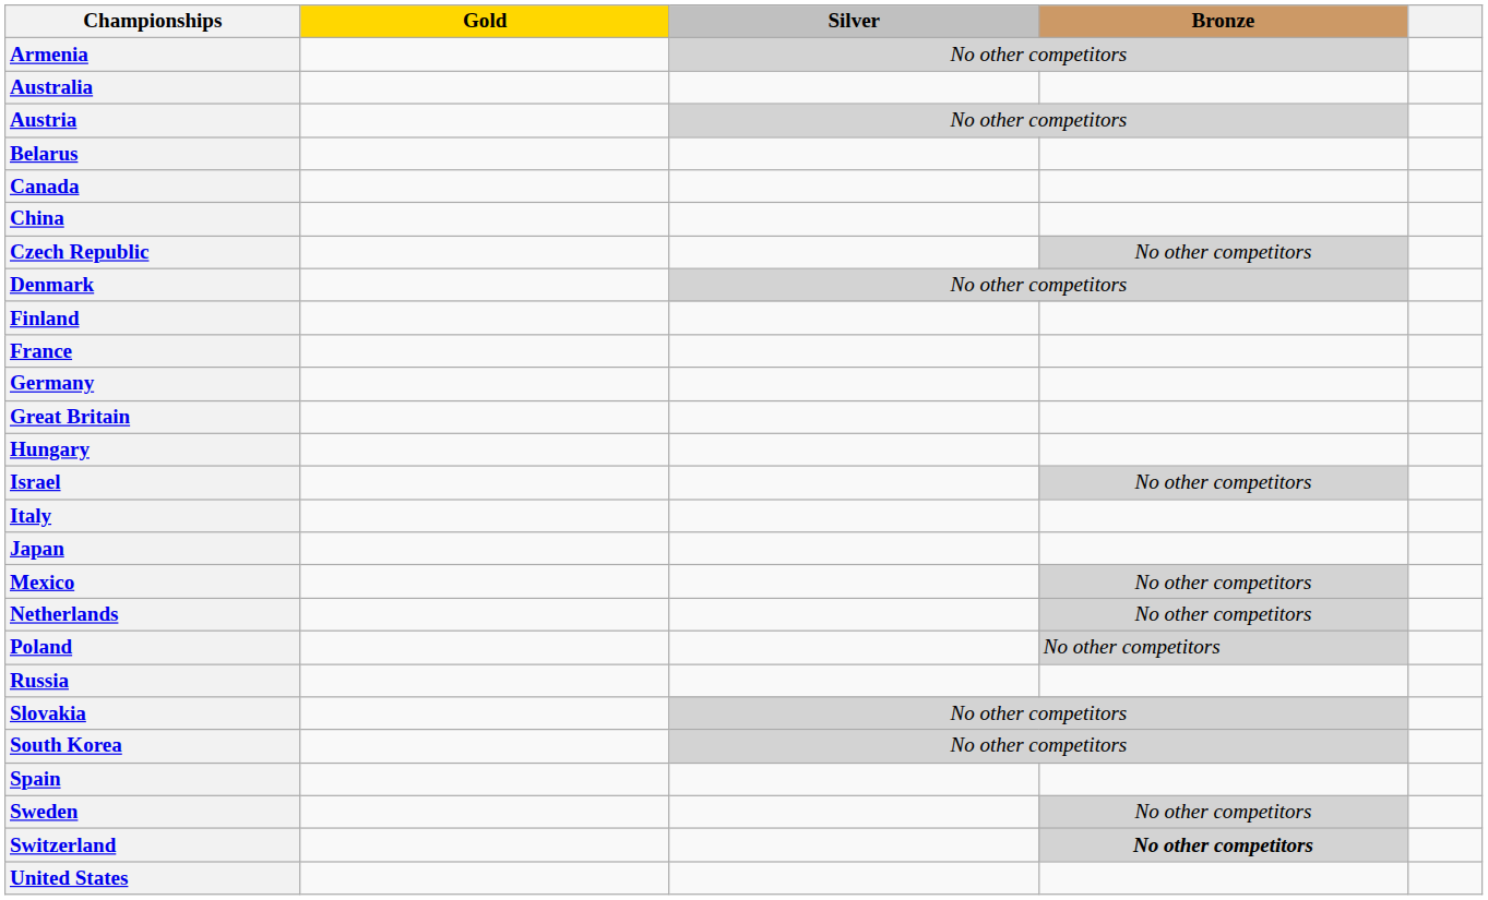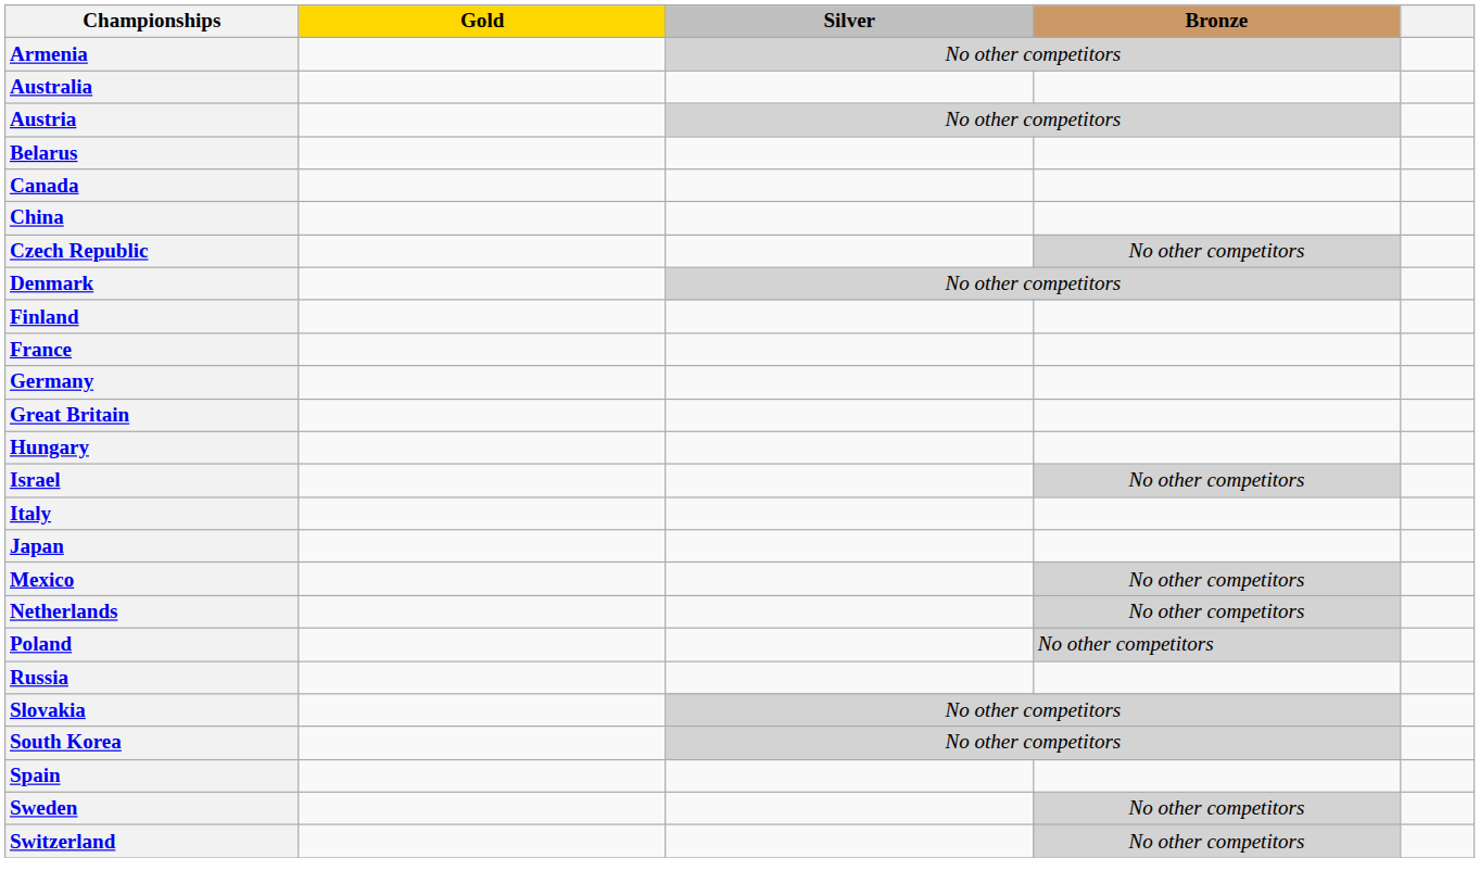 <table class="wikitable unsortable" style="text-align:left; width:90%;">
 <tr>
 <th scope="col" style="text-align:center; width:20%;">Championships</th>
 <td scope="col" style="text-align:center; width:25%; background:gold"><strong>Gold</strong></td>
 <td scope="col" style="text-align:center; width:25%; background:silver"><strong>Silver</strong></td>
 <td scope="col" style="text-align:center; width:25%; background:#c96"><strong>Bronze</strong></td>
 <th scope="col" style="text-align:center; width:5%;"></th>
 </tr>
 <tr>
 <th scope="row" style="text-align:left"> <a href='#'>Armenia</a></th>
 <td></td>
 <td colspan=2 align="center" bgcolor="lightgray"><em>No other competitors</em></td>
 <td></td>
 </tr>
 <tr>
 <th scope="row" style="text-align:left"> <a href='#'>Australia</a></th>
 <td></td>
 <td></td>
 <td></td>
 <td></td>
 </tr>
 <tr>
 <th scope="row" style="text-align:left"> <a href='#'>Austria</a></th>
 <td></td>
 <td colspan=2 align="center" bgcolor="lightgray"><em>No other competitors</em></td>
 <td></td>
 </tr>
 <tr>
 <th scope="row" style="text-align:left"> <a href='#'>Belarus</a></th>
 <td></td>
 <td></td>
 <td></td>
 <td></td>
 </tr>
 <tr>
 <th scope="row" style="text-align:left"> <a href='#'>Canada</a></th>
 <td></td>
 <td></td>
 <td></td>
 <td></td>
 </tr>
 <tr>
 <th scope="row" style="text-align:left"> <a href='#'>China</a></th>
 <td></td>
 <td></td>
 <td></td>
 <td></td>
 </tr>
 <tr>
 <th scope="row" style="text-align:left"> <a href='#'>Czech Republic</a></th>
 <td></td>
 <td></td>
 <td align="center" bgcolor="lightgray"><em>No other competitors</em></td>
 <td></td>
 </tr>
 <tr>
 <th scope="row" style="text-align:left"> <a href='#'>Denmark</a></th>
 <td></td>
 <td colspan=2 align="center" bgcolor="lightgray"><em>No other competitors</em></td>
 <td></td>
 </tr>
 <tr>
 <th scope="row" style="text-align:left"> <a href='#'>Finland</a></th>
 <td></td>
 <td></td>
 <td></td>
 <td></td>
 </tr>
 <tr>
 <th scope="row" style="text-align:left"> <a href='#'>France</a></th>
 <td></td>
 <td></td>
 <td></td>
 <td></td>
 </tr>
 <tr>
 <th scope="row" style="text-align:left"> <a href='#'>Germany</a></th>
 <td></td>
 <td></td>
 <td></td>
 </tr>
 <tr>
 <th scope="row" style="text-align:left"> <a href='#'>Great Britain</a></th>
 <td></td>
 <td></td>
 <td></td>
 <td></td>
 </tr>
 <tr>
 <th scope="row" style="text-align:left"> <a href='#'>Hungary</a></th>
 <td></td>
 <td></td>
 <td></td>
 <td></td>
 </tr>
 <tr>
 <th scope="row" style="text-align:left"> <a href='#'>Israel</a></th>
 <td></td>
 <td></td>
 <td align="center" bgcolor="lightgray"><em>No other competitors</em></td>
 <td></td>
 </tr>
 <tr>
 <th scope="row" style="text-align:left"> <a href='#'>Italy</a></th>
 <td></td>
 <td></td>
 <td></td>
 <td></td>
 </tr>
 <tr>
 <th scope="row" style="text-align:left"> <a href='#'>Japan</a></th>
 <td></td>
 <td></td>
 <td></td>
 <td></td>
 </tr>
 <tr>
 <th scope="row" style="text-align:left"> <a href='#'>Mexico</a></th>
 <td></td>
 <td></td>
 <td align="center" bgcolor="lightgray"><em>No other competitors</em></td>
 <td></td>
 </tr>
 <tr>
 <th scope="row" style="text-align:left"> <a href='#'>Netherlands</a></th>
 <td></td>
 <td></td>
 <td align="center" bgcolor="lightgray"><em>No other competitors</em></td>
 <td></td>
 </tr>
 <tr>
 <th scope="row" style="text-align:left"> <a href='#'>Poland</a></th>
 <td></td>
 <td></td>
 <td bgcolor="lightgray"><em>No other competitors</em></td>
 <td></td>
 </tr>
 <tr>
 <th scope="row" style="text-align:left"> <a href='#'>Russia</a></th>
 <td></td>
 <td></td>
 <td></td>
 <td></td>
 </tr>
 <tr>
 <th scope="row" style="text-align:left"> <a href='#'>Slovakia</a></th>
 <td></td>
 <td colspan=2 align="center" bgcolor="lightgray"><em>No other competitors</em></td>
 <td></td>
 </tr>
 <tr>
 <th scope="row" style="text-align:left"> <a href='#'>South Korea</a></th>
 <td></td>
 <td colspan=2 align="center" bgcolor="lightgray"><em>No other competitors</em></td>
 <td></td>
 </tr>
 <tr>
 <th scope="row" style="text-align:left"> <a href='#'>Spain</a></th>
 <td></td>
 <td></td>
 <td></td>
 <td></td>
 </tr>
 <tr>
 <th scope="row" style="text-align:left"> <a href='#'>Sweden</a></th>
 <td></td>
 <td></td>
 <td align="center" bgcolor="lightgray"><em>No other competitors</em></td>
 <td></td>
 </tr>
 <tr>
 <th scope="row" style="text-align:left"> <a href='#'>Switzerland</a></th>
 <td></td>
 <td></td>
-<td align="center" bgcolor="lightgray"><strong><em>No other competitors</em></strong></td>
-<td></td>
-</tr>
-<tr>
-<th scope="row" style="text-align:left"> <a href='#'>United States</a></th>
-<td></td>
-<td></td>
-<td></td>
+<td align="center" bgcolor="lightgray"><em>No other competitors</em></td>
 <td></td>
 </tr>
 </table>
